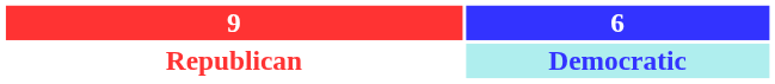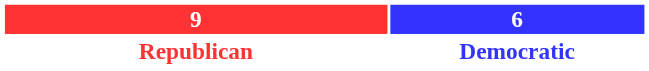 <table style="width:50%">
 <tr>
 <td scope="row" colspan="3" style="text-align:center"></td>
 </tr>
 <tr>
 <td scope="row" style="background:#F33; width:60%; text-align:center; color:white"><strong>9</strong></td>
 <td style="background:#33F; width:40%; text-align:center; color:white"><strong>6</strong></td>
 </tr>
 <tr>
 <td scope="row" style="text-align:center; color:#F33"><strong>Republican</strong></td>
-<td style="background: paleturquoise; text-align:center; color:#33F"><strong>Democratic</strong></td>
+<td style="text-align:center; color:#33F"><strong>Democratic</strong></td>
 </tr>
 </table>
